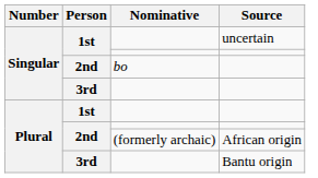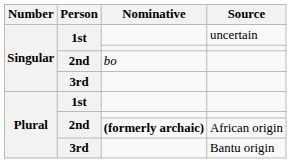 <table class="wikitable">
 <tr>
 <th scope="col">Number</th>
 <th scope="col">Person</th>
 <th scope="col">Nominative</th>
 <th scope="col">Source</th>
 </tr>
 <tr>
 <th scope="row" rowspan="4">Singular</th>
 <th scope="row" rowspan="2">1st</th>
 <td><em></em></td>
 <td>uncertain</td>
 </tr>
 <tr>
 <td><em></em></td>
 <td></td>
 </tr>
 <tr>
 <th scope="row">2nd</th>
 <td><em>bo</em></td>
 <td></td>
 </tr>
 <tr>
 <th scope="row">3rd</th>
 <td><em></em></td>
 <td></td>
 </tr>
 <tr>
 <th scope="row" rowspan="4">Plural</th>
 <th scope="row">1st</th>
 <td><em></em></td>
 <td></td>
 </tr>
 <tr>
 <th scope="row" rowspan="2">2nd</th>
 <td><em></em></td>
 <td></td>
 </tr>
 <tr>
-<td><em></em> (formerly archaic)</td>
+<td><strong><em></em> (formerly archaic)</strong></td>
 <td>African origin</td>
 </tr>
 <tr>
 <th scope="row">3rd</th>
 <td><em></em></td>
 <td>Bantu origin</td>
 </tr>
 </table>
